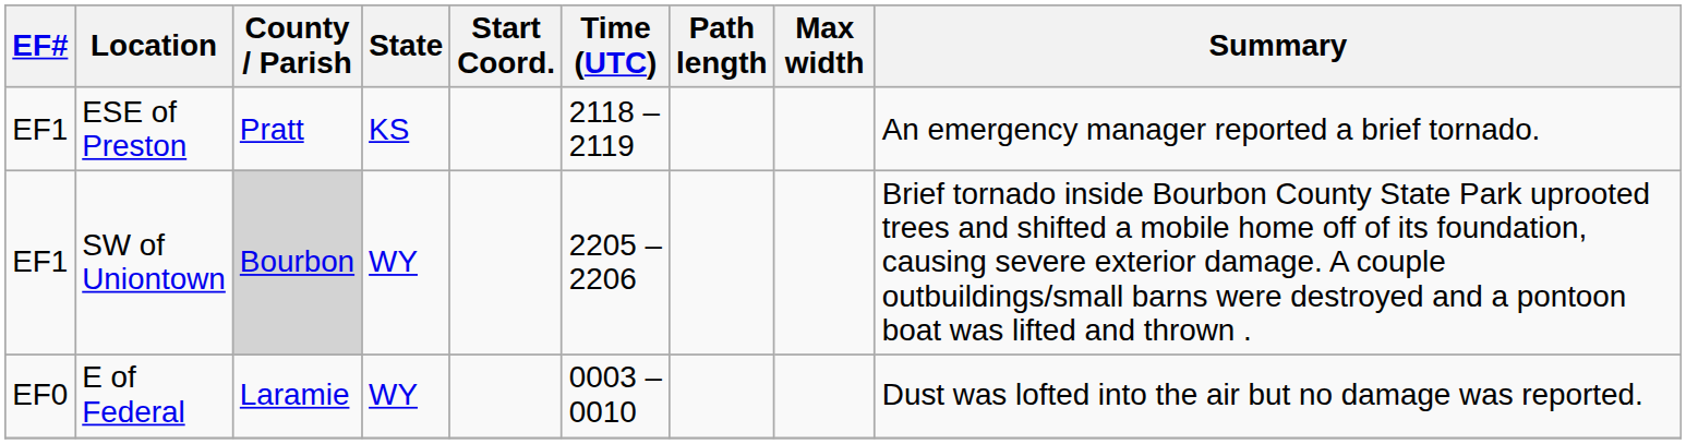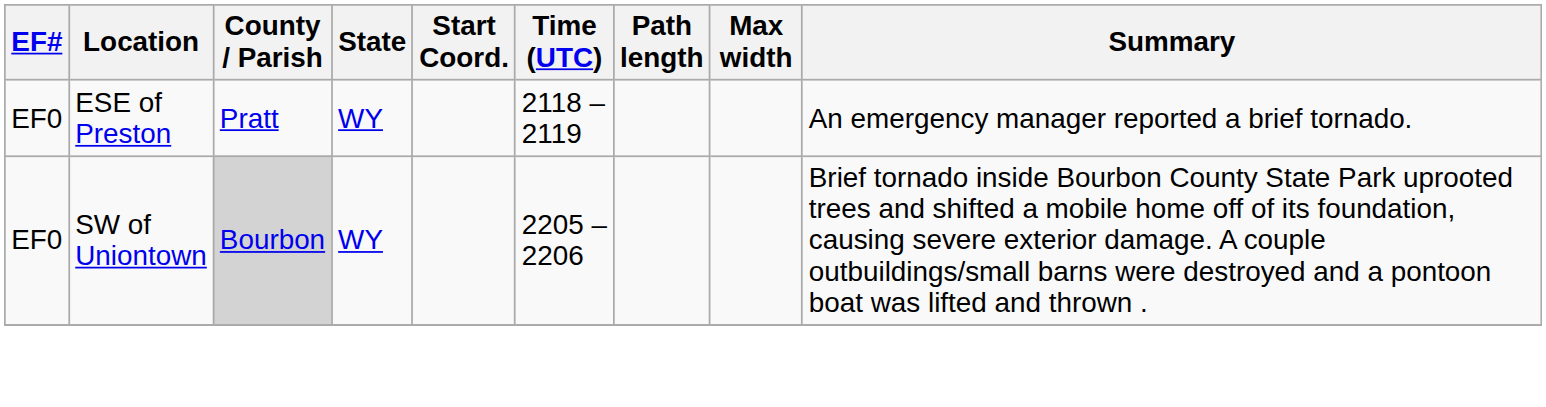 <table class="wikitable sortable" style="width:100%;">
 <tr>
 <th scope="col" width="3%" align="center"><a href='#'>EF#</a></th>
 <th scope="col" width="7%" align="center" class="unsortable">Location</th>
 <th scope="col" width="6%" align="center" class="unsortable">County / Parish</th>
 <th scope="col" width="5%" align="center">State</th>
 <th scope="col" width="6%" align="center">Start Coord.</th>
 <th scope="col" width="6%" align="center">Time (<a href='#'>UTC</a>)</th>
 <th scope="col" width="6%" align="center">Path length</th>
 <th scope="col" width="6%" align="center">Max width</th>
 <th scope="col" width="48%" class="unsortable" align="center">Summary</th>
 </tr>
 <tr>
-<td>EF1</td>
+<td>EF0</td>
 <td>ESE of <a href='#'>Preston</a></td>
 <td><a href='#'>Pratt</a></td>
-<td><a href='#'>KS</a></td>
+<td><a href='#'>WY</a></td>
 <td></td>
 <td>2118 – 2119</td>
 <td></td>
 <td></td>
 <td>An emergency manager reported a brief tornado.</td>
 </tr>
 <tr>
-<td>EF1</td>
+<td>EF0</td>
 <td>SW of <a href='#'>Uniontown</a></td>
 <td style="background: lightgrey;"><a href='#'>Bourbon</a></td>
 <td><a href='#'>WY</a></td>
 <td></td>
 <td>2205 – 2206</td>
 <td></td>
 <td></td>
 <td>Brief tornado inside Bourbon County State Park uprooted trees and shifted a mobile home  off of its foundation, causing severe exterior damage. A couple outbuildings/small barns were destroyed and a pontoon boat was lifted and thrown .</td>
 </tr>
 <tr>
-<td>EF0</td>
-<td>E of <a href='#'>Federal</a></td>
-<td><a href='#'>Laramie</a></td>
-<td><a href='#'>WY</a></td>
-<td></td>
-<td>0003 – 0010</td>
-<td></td>
-<td></td>
-<td>Dust was lofted into the air but no damage was reported.</td>
-</tr>
-<tr>
 </tr>
 </table>
